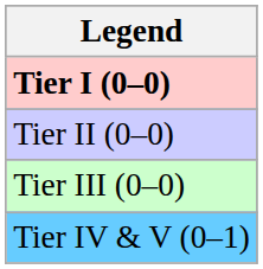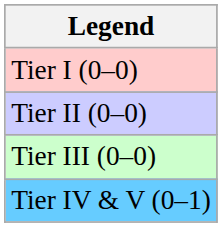 <table class="wikitable">
 <tr>
 <th>Legend</th>
 </tr>
 <tr>
-<td bgcolor=#ffcccc><strong>Tier I (0–0)</strong></td>
+<td bgcolor=#ffcccc>Tier I (0–0)</td>
 </tr>
 <tr>
 <td bgcolor=#ccccff>Tier II (0–0)</td>
 </tr>
 <tr>
 <td bgcolor=#CCFFCC>Tier III (0–0)</td>
 </tr>
 <tr>
 <td bgcolor=#66CCFF>Tier IV & V (0–1)</td>
 </tr>
 </table>
